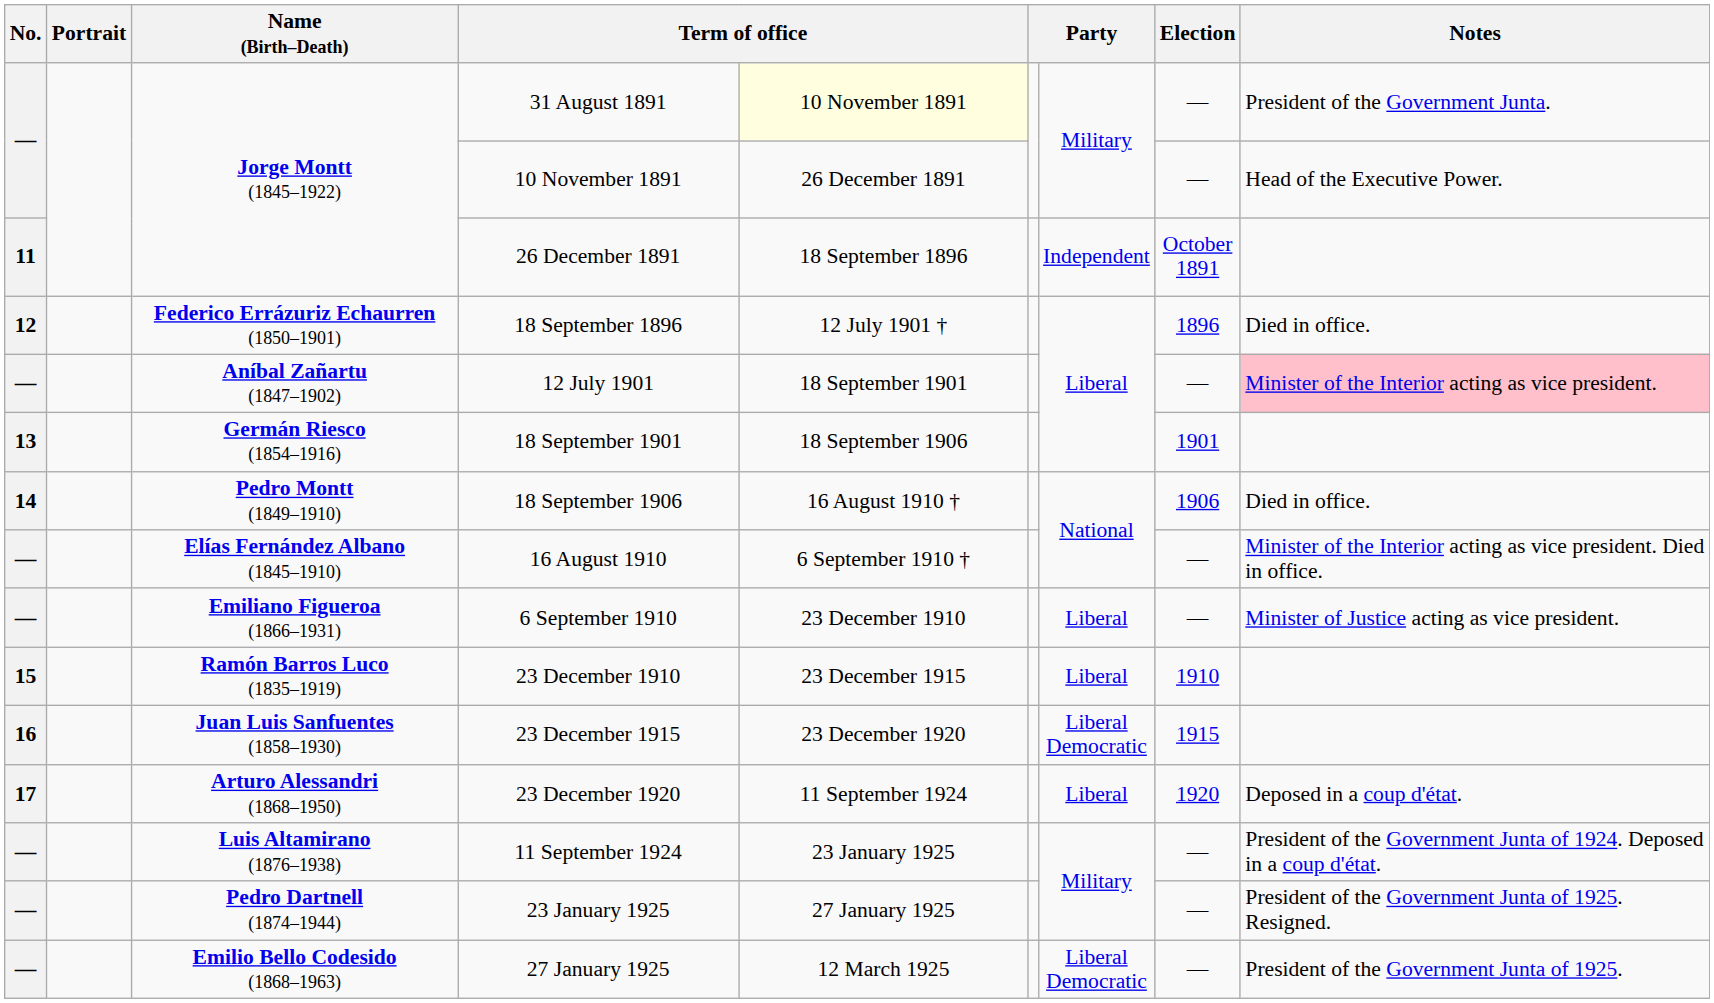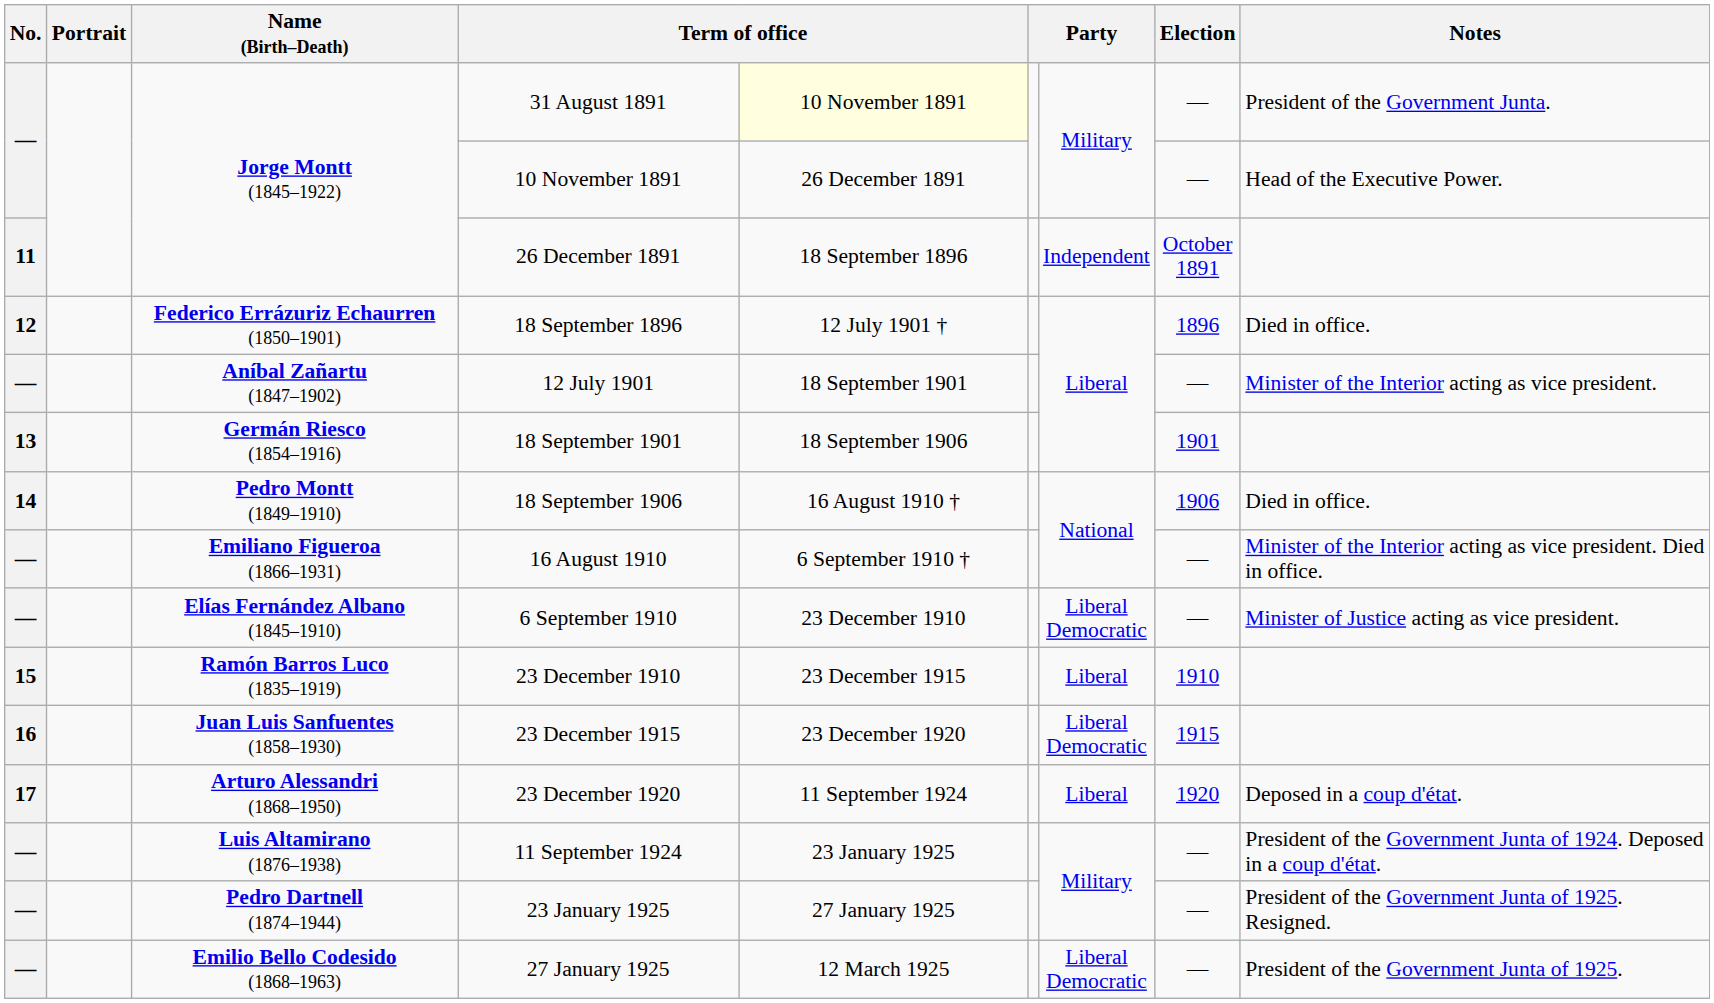 <table class="wikitable" width="100%" style="text-align: center;">
 <tr>
 <th width="2%">No.</th>
 <th width="5%">Portrait</th>
 <th width="20%">Name<br><small>(Birth–Death)</small></th>
 <th colspan="2" width="35%">Term of office</th>
 <th width="5%" colspan=2>Party</th>
 <th width="4%">Election</th>
 <th width="29%">Notes</th>
 </tr>
 <tr>
 <th rowspan="2">—</th>
 <td rowspan=3></td>
 <td rowspan=3><strong><a href='#'>Jorge Montt</a></strong><br><small>(1845–1922)</small></td>
 <td height="50px">31 August 1891</td>
 <td style="background: lightyellow;">10 November 1891</td>
 <td rowspan=2 style="background-color:"></td>
 <td rowspan=2><a href='#'>Military</a></td>
 <td>—</td>
 <td align=left>President of the <a href='#'>Government Junta</a>.</td>
 </tr>
 <tr>
 <td height="50px">10 November 1891</td>
 <td>26 December 1891</td>
 <td>—</td>
 <td align=left>Head of the Executive Power.</td>
 </tr>
 <tr>
 <th height="50px">11</th>
 <td>26 December 1891</td>
 <td>18 September 1896</td>
 <td style="background-color:"></td>
 <td><a href='#'>Independent</a></td>
 <td><a href='#'>October 1891</a></td>
 <td align=left></td>
 </tr>
 <tr>
 <th>12</th>
 <td></td>
 <td><strong><a href='#'>Federico Errázuriz Echaurren</a></strong><br><small>(1850–1901)</small></td>
 <td>18 September 1896</td>
 <td>12 July 1901 †</td>
 <td style="background-color:"></td>
 <td rowspan="3"><a href='#'>Liberal</a></td>
 <td><a href='#'>1896</a></td>
 <td align=left>Died in office.</td>
 </tr>
 <tr>
 <th>—</th>
 <td></td>
 <td><strong><a href='#'>Aníbal Zañartu</a></strong><br><small>(1847–1902)</small></td>
 <td>12 July 1901</td>
 <td>18 September 1901</td>
 <td style="background-color:"></td>
 <td>—</td>
-<td align=left style="background: pink;"><a href='#'>Minister of the Interior</a> acting as vice president.</td>
+<td align=left><a href='#'>Minister of the Interior</a> acting as vice president.</td>
 </tr>
 <tr>
 <th>13</th>
 <td></td>
 <td><strong><a href='#'>Germán Riesco</a></strong><br><small>(1854–1916)</small></td>
 <td>18 September 1901</td>
 <td>18 September 1906</td>
 <td style="background-color:"></td>
 <td><a href='#'>1901</a></td>
 <td align=left></td>
 </tr>
 <tr>
 <th>14</th>
 <td></td>
 <td><strong><a href='#'>Pedro Montt</a></strong><br><small>(1849–1910)</small></td>
 <td>18 September 1906</td>
 <td>16 August 1910 †</td>
 <td style="background-color:"></td>
 <td rowspan="2"><a href='#'>National</a></td>
 <td><a href='#'>1906</a></td>
 <td align=left>Died in office.</td>
 </tr>
 <tr>
 <th>—</th>
 <td></td>
-<td><strong><a href='#'>Elías Fernández Albano</a></strong><br><small>(1845–1910)</small></td>
+<td><strong><a href='#'>Emiliano Figueroa</a></strong><br><small>(1866–1931)</small></td>
 <td>16 August 1910</td>
 <td>6 September 1910 †</td>
 <td style="background-color:"></td>
 <td>—</td>
 <td align=left><a href='#'>Minister of the Interior</a> acting as vice president. Died in office.</td>
 </tr>
 <tr>
 <th>—</th>
 <td></td>
-<td><strong><a href='#'>Emiliano Figueroa</a></strong><br><small>(1866–1931)</small></td>
+<td><strong><a href='#'>Elías Fernández Albano</a></strong><br><small>(1845–1910)</small></td>
 <td>6 September 1910</td>
 <td>23 December 1910</td>
 <td style="background-color:"></td>
-<td><a href='#'>Liberal</a></td>
+<td><a href='#'>Liberal Democratic</a></td>
 <td>—</td>
 <td align=left><a href='#'>Minister of Justice</a> acting as vice president.</td>
 </tr>
 <tr>
 <th>15</th>
 <td></td>
 <td><strong><a href='#'>Ramón Barros Luco</a></strong><br><small>(1835–1919)</small></td>
 <td>23 December 1910</td>
 <td>23 December 1915</td>
 <td style="background-color:"></td>
 <td><a href='#'>Liberal</a></td>
 <td><a href='#'>1910</a></td>
 <td align=left></td>
 </tr>
 <tr>
 <th>16</th>
 <td></td>
 <td><strong><a href='#'>Juan Luis Sanfuentes</a></strong><br><small>(1858–1930)</small></td>
 <td>23 December 1915</td>
 <td>23 December 1920</td>
 <td style="background-color:"></td>
 <td><a href='#'>Liberal Democratic</a></td>
 <td><a href='#'>1915</a></td>
 <td align=left></td>
 </tr>
 <tr>
 <th>17</th>
 <td></td>
 <td><strong><a href='#'>Arturo Alessandri</a></strong><br><small>(1868–1950)</small></td>
 <td>23 December 1920</td>
 <td>11 September 1924</td>
 <td style="background-color:"></td>
 <td><a href='#'>Liberal</a></td>
 <td><a href='#'>1920</a></td>
 <td align=left>Deposed in a <a href='#'>coup d'état</a>.</td>
 </tr>
 <tr>
 <th>—</th>
 <td></td>
 <td><strong><a href='#'>Luis Altamirano</a></strong><br><small>(1876–1938)</small></td>
 <td>11 September 1924</td>
 <td>23 January 1925</td>
 <td style="background-color:"></td>
 <td rowspan="2"><a href='#'>Military</a></td>
 <td>—</td>
 <td align=left>President of the <a href='#'>Government Junta of 1924</a>. Deposed in a <a href='#'>coup d'état</a>.</td>
 </tr>
 <tr>
 <th>—</th>
 <td></td>
 <td><strong><a href='#'>Pedro Dartnell</a></strong><br><small>(1874–1944)</small></td>
 <td>23 January 1925</td>
 <td>27 January 1925</td>
 <td style="background-color:"></td>
 <td>—</td>
 <td align=left>President of the <a href='#'>Government Junta of 1925</a>. Resigned.</td>
 </tr>
 <tr>
 <th>—</th>
 <td></td>
 <td><strong><a href='#'>Emilio Bello Codesido</a></strong><br><small>(1868–1963)</small></td>
 <td>27 January 1925</td>
 <td>12 March 1925</td>
 <td style="background-color:"></td>
 <td><a href='#'>Liberal Democratic</a></td>
 <td>—</td>
 <td align=left>President of the <a href='#'>Government Junta of 1925</a>.</td>
 </tr>
 </table>
